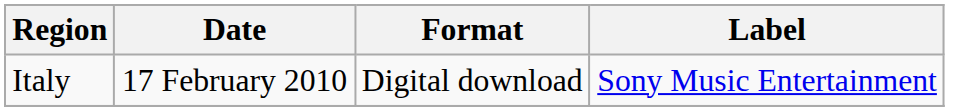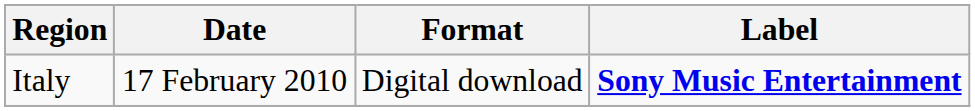 <table class=wikitable>
 <tr>
 <th scope="col">Region</th>
 <th scope="col">Date</th>
 <th scope="col">Format</th>
 <th scope="col">Label</th>
 </tr>
 <tr>
 <td>Italy</td>
 <td>17 February 2010</td>
 <td>Digital download</td>
-<td><a href='#'>Sony Music Entertainment</a></td>
+<td><strong><a href='#'>Sony Music Entertainment</a></strong></td>
 </tr>
 <tr>
 </tr>
 </table>
